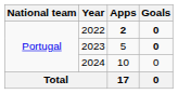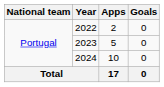 <table class="wikitable" style="text-align:center">
 <tr>
 <th>National team</th>
 <th>Year</th>
 <th>Apps</th>
 <th>Goals</th>
 </tr>
 <tr>
 <td rowspan="3"><a href='#'>Portugal</a></td>
 <td>2022</td>
-<td><strong>2</strong></td>
-<td><strong>0</strong></td>
+<td>2</td>
+<td>0</td>
 </tr>
 <tr>
 <td>2023</td>
 <td>5</td>
-<td><strong>0</strong></td>
+<td>0</td>
 </tr>
 <tr>
 <td>2024</td>
 <td>10</td>
 <td>0</td>
 </tr>
 <tr>
 <th colspan="2">Total</th>
 <th>17</th>
 <th>0</th>
 </tr>
 </table>
